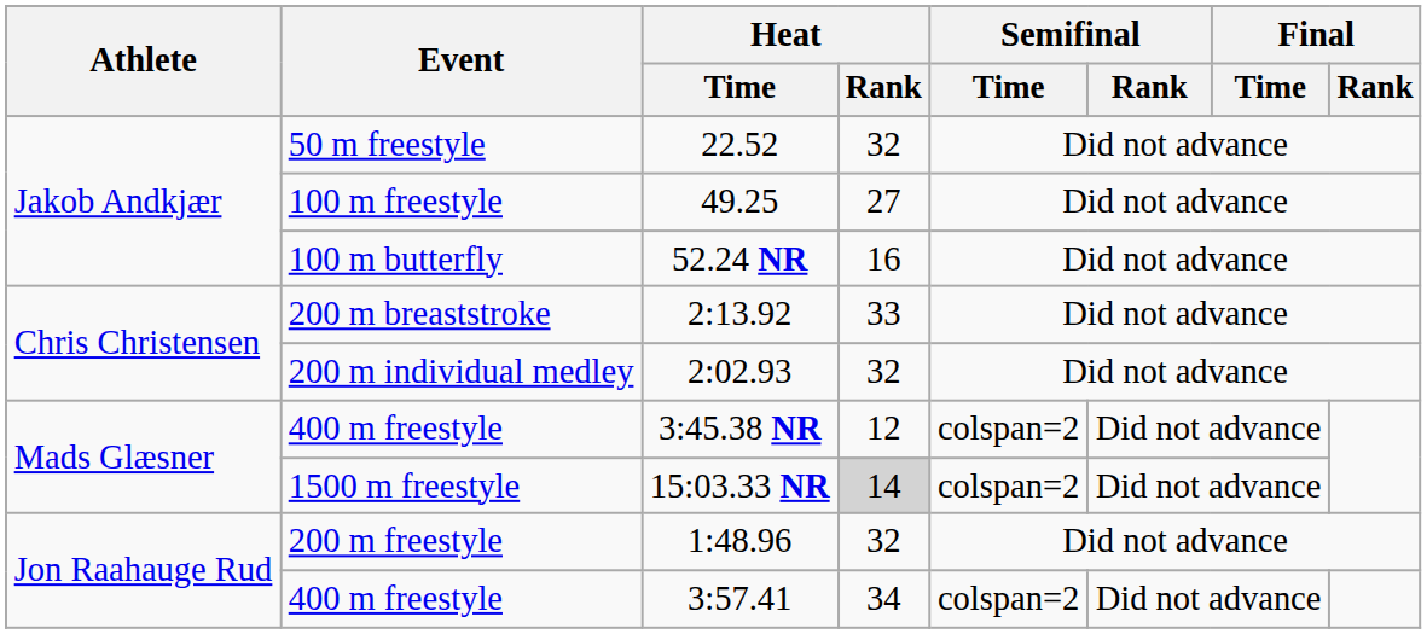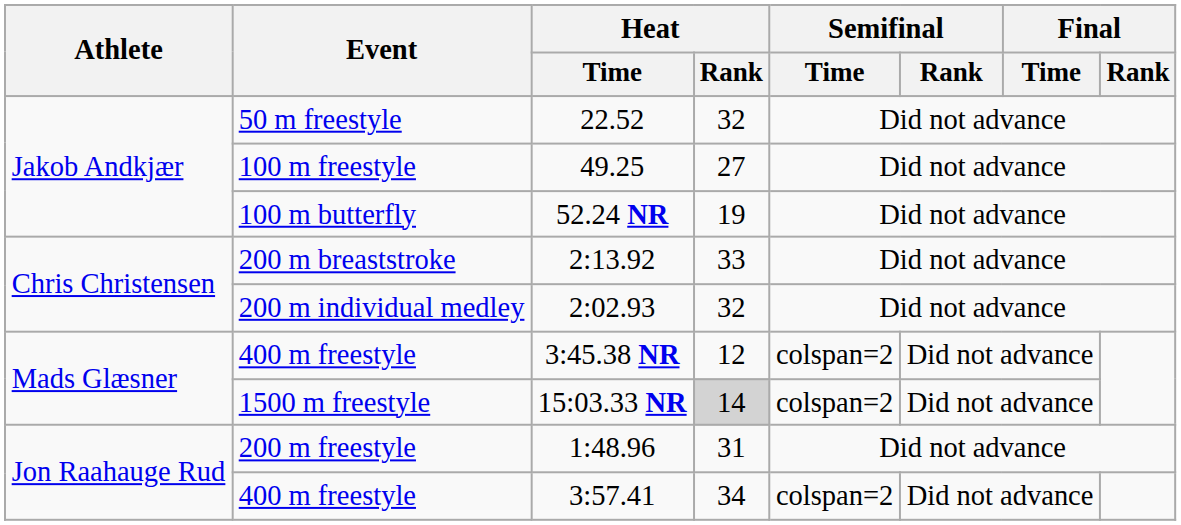 <table class=wikitable style="font-size:90%">
 <tr>
 <th rowspan="2">Athlete</th>
 <th rowspan="2">Event</th>
 <th colspan="2">Heat</th>
 <th colspan="2">Semifinal</th>
 <th colspan="2">Final</th>
 </tr>
 <tr style="font-size:95%">
 <th>Time</th>
 <th>Rank</th>
 <th>Time</th>
 <th>Rank</th>
 <th>Time</th>
 <th>Rank</th>
 </tr>
 <tr align=center>
 <td align=left rowspan=3><a href='#'>Jakob Andkjær</a></td>
 <td align=left><a href='#'>50 m freestyle</a></td>
 <td>22.52</td>
 <td>32</td>
 <td colspan=4>Did not advance</td>
 </tr>
 <tr align=center>
 <td align=left><a href='#'>100 m freestyle</a></td>
 <td>49.25</td>
 <td>27</td>
 <td colspan=4>Did not advance</td>
 </tr>
 <tr align=center>
 <td align=left><a href='#'>100 m butterfly</a></td>
 <td>52.24 <strong><a href='#'>NR</a></strong></td>
-<td>16</td>
+<td>19</td>
 <td colspan=4>Did not advance</td>
 </tr>
 <tr align=center>
 <td align=left rowspan=2><a href='#'>Chris Christensen</a></td>
 <td align=left><a href='#'>200 m breaststroke</a></td>
 <td>2:13.92</td>
 <td>33</td>
 <td colspan=4>Did not advance</td>
 </tr>
 <tr align=center>
 <td align=left><a href='#'>200 m individual medley</a></td>
 <td>2:02.93</td>
 <td>32</td>
 <td colspan=4>Did not advance</td>
 </tr>
 <tr align=center>
 <td align=left rowspan="2"><a href='#'>Mads Glæsner</a></td>
 <td align=left><a href='#'>400 m freestyle</a></td>
 <td>3:45.38 <strong><a href='#'>NR</a></strong></td>
 <td>12</td>
 <td>colspan=2 </td>
 <td colspan=2>Did not advance</td>
 </tr>
 <tr align=center>
 <td align=left><a href='#'>1500 m freestyle</a></td>
 <td>15:03.33 <strong><a href='#'>NR</a></strong></td>
 <td style="background: lightgrey;">14</td>
 <td>colspan=2 </td>
 <td colspan=2>Did not advance</td>
 </tr>
 <tr align=center>
 <td align=left rowspan=2><a href='#'>Jon Raahauge Rud</a></td>
 <td align=left><a href='#'>200 m freestyle</a></td>
 <td>1:48.96</td>
-<td>32</td>
+<td>31</td>
 <td colspan=4>Did not advance</td>
 </tr>
 <tr align=center>
 <td align=left><a href='#'>400 m freestyle</a></td>
 <td>3:57.41</td>
 <td>34</td>
 <td>colspan=2 </td>
 <td colspan=2>Did not advance</td>
 </tr>
 </table>
